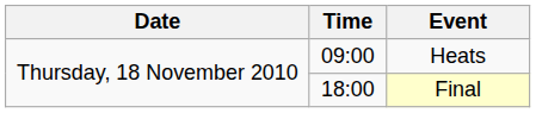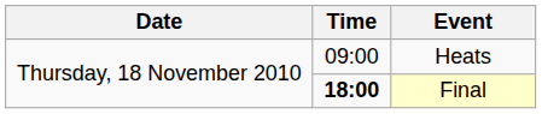 <table class = "wikitable" style="text-align:center;">
 <tr>
 <th width=220>Date</th>
 <th width=50>Time</th>
 <th width=100>Event</th>
 </tr>
 <tr>
 <td rowspan=2>Thursday, 18 November 2010</td>
 <td>09:00</td>
 <td>Heats</td>
 </tr>
 <tr>
-<td>18:00</td>
+<td><strong>18:00</strong></td>
 <td bgcolor=ffffcc>Final</td>
 </tr>
 </table>
